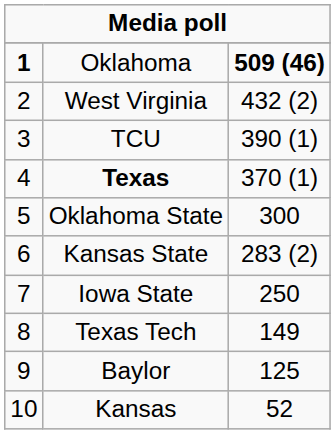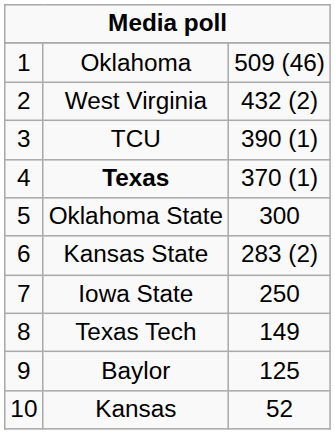 <table class="wikitable">
 <tr align="center">
 <td align="center" Colspan="3"><strong>Media poll</strong></td>
 </tr>
 <tr align="center">
 </tr>
 <tr align="center">
-<td><strong>1</strong></td>
+<td>1</td>
 <td>Oklahoma</td>
-<td><strong>509 (46)</strong></td>
+<td>509 (46)</td>
 </tr>
 <tr align="center">
 <td>2</td>
 <td>West Virginia</td>
 <td>432 (2)</td>
 </tr>
 <tr align="center">
 <td>3</td>
 <td>TCU</td>
 <td>390 (1)</td>
 </tr>
 <tr align="center">
 <td>4</td>
 <td><strong>Texas</strong></td>
 <td>370 (1)</td>
 </tr>
 <tr align="center">
 <td>5</td>
 <td>Oklahoma State</td>
 <td>300</td>
 </tr>
 <tr align="center">
 <td>6</td>
 <td>Kansas State</td>
 <td>283 (2)</td>
 </tr>
 <tr align="center">
 <td>7</td>
 <td>Iowa State</td>
 <td>250</td>
 </tr>
 <tr align="center">
 <td>8</td>
 <td>Texas Tech</td>
 <td>149</td>
 </tr>
 <tr align="center">
 <td>9</td>
 <td>Baylor</td>
 <td>125</td>
 </tr>
 <tr align="center">
 <td>10</td>
 <td>Kansas</td>
 <td>52</td>
 </tr>
 </table>
